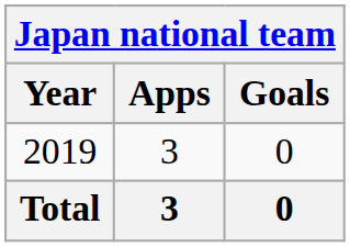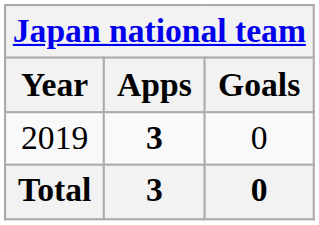 <table class="wikitable" style="text-align:center">
 <tr>
 <th colspan=3><a href='#'>Japan national team</a></th>
 </tr>
 <tr>
 <th>Year</th>
 <th>Apps</th>
 <th>Goals</th>
 </tr>
 <tr>
 <td>2019</td>
-<td>3</td>
+<td><strong>3</strong></td>
 <td>0</td>
 </tr>
 <tr>
 <th>Total</th>
 <th>3</th>
 <th>0</th>
 </tr>
 </table>
